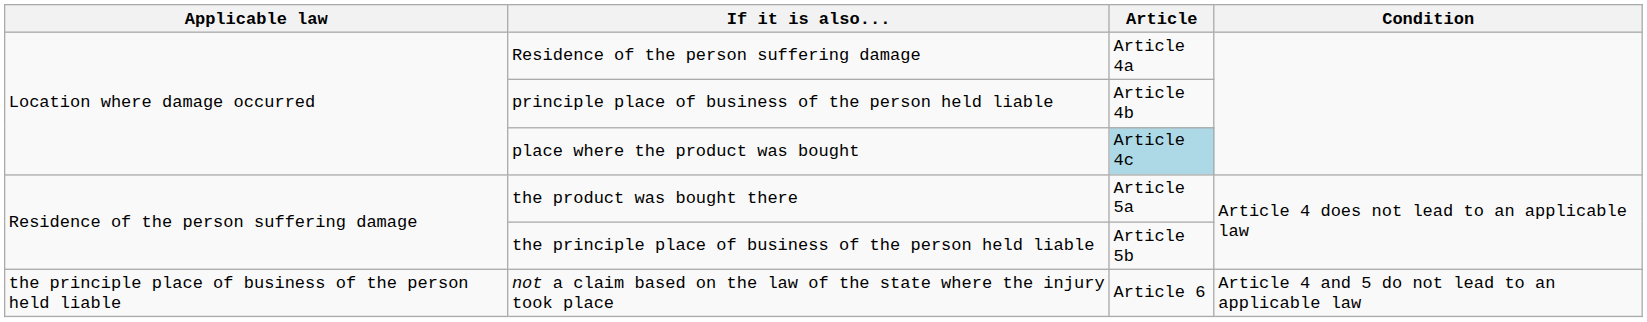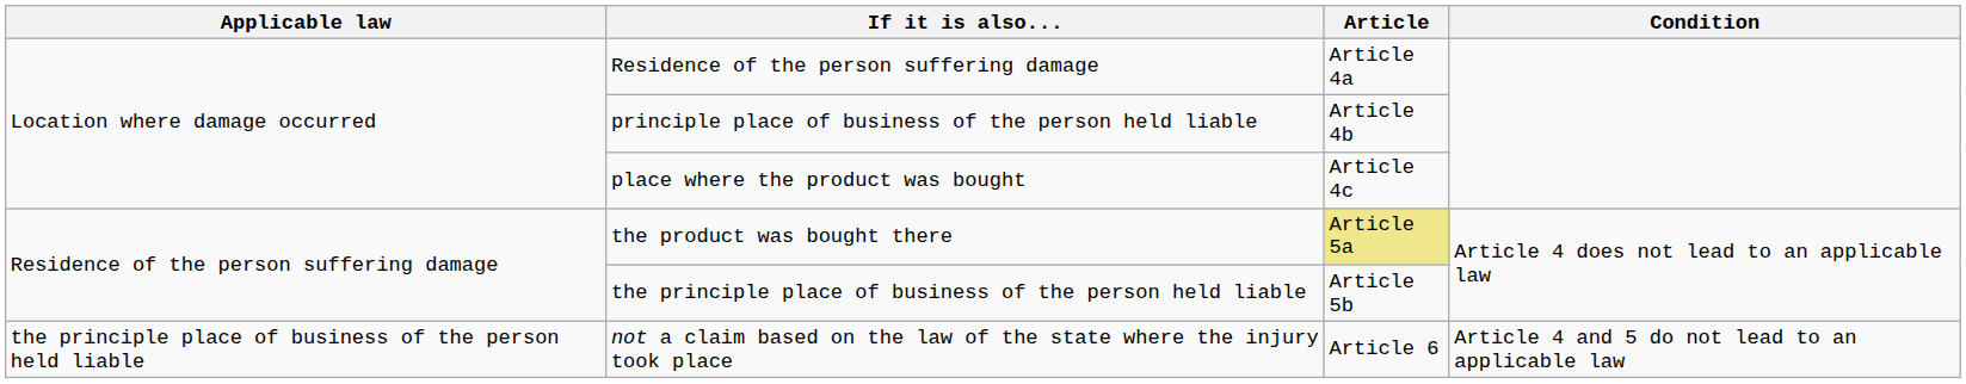 <table class="wikitable sortable">
 <tr>
 <th>Applicable law</th>
 <th>If it is also...</th>
 <th>Article</th>
 <th>Condition</th>
 </tr>
 <tr>
 <td rowspan="3">Location where damage occurred</td>
 <td>Residence of the person suffering damage</td>
 <td>Article 4a</td>
 <td rowspan="3"></td>
 </tr>
 <tr>
 <td>principle place of business of the person held liable</td>
 <td>Article 4b</td>
 </tr>
 <tr>
 <td>place where the product was bought</td>
-<td style="background: lightblue;">Article 4c</td>
+<td>Article 4c</td>
 </tr>
 <tr>
 <td rowspan="2">Residence of the person suffering damage</td>
 <td>the product was bought there</td>
-<td>Article 5a</td>
+<td style="background: khaki;">Article 5a</td>
 <td rowspan="2">Article 4 does not lead to an applicable law</td>
 </tr>
 <tr>
 <td>the principle place of business of the person held liable</td>
 <td>Article 5b</td>
 </tr>
 <tr>
 <td>the principle place of business of the person held liable</td>
 <td><em>not</em> a claim based on the law of the state where the injury took place</td>
 <td>Article 6</td>
 <td>Article 4 and 5 do not lead to an applicable law</td>
 </tr>
 </table>
